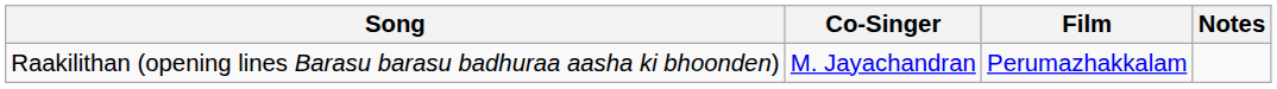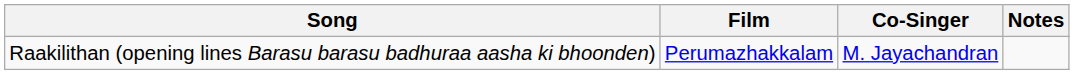 <table class="wikitable">
 <tr>
 <th>Song</th>
+<th>Film</th>
 <th>Co-Singer</th>
-<th>Film</th>
 <th>Notes</th>
 </tr>
 <tr>
 <td>Raakilithan (opening lines <em>Barasu barasu badhuraa aasha ki bhoonden</em>)</td>
+<td><a href='#'>Perumazhakkalam</a></td>
 <td><a href='#'>M. Jayachandran</a></td>
-<td><a href='#'>Perumazhakkalam</a></td>
 <td></td>
 </tr>
 </table>
